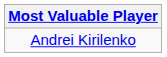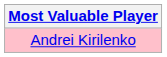 <table class=wikitable style="text-align:center; margin:auto">
 <tr>
 <th><a href='#'>Most Valuable Player</a></th>
 </tr>
 <tr>
-<td> <a href='#'>Andrei Kirilenko</a></td>
+<td style="background: pink;"> <a href='#'>Andrei Kirilenko</a></td>
 </tr>
 </table>
